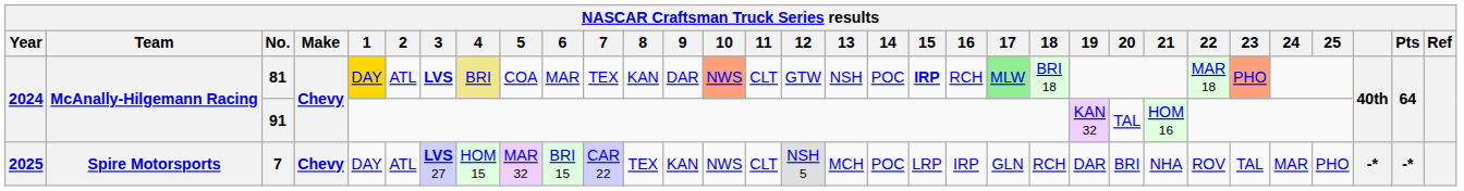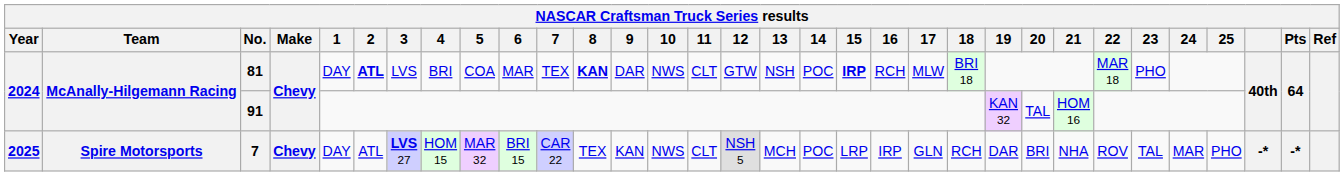 <table class="wikitable" style="text-align:center; font-size:75%">
 <tr>
 <th colspan=32><a href='#'>NASCAR Craftsman Truck Series</a> results</th>
 </tr>
 <tr>
 <th>Year</th>
 <th>Team</th>
 <th>No.</th>
 <th>Make</th>
 <th>1</th>
 <th>2</th>
 <th>3</th>
 <th>4</th>
 <th>5</th>
 <th>6</th>
 <th>7</th>
 <th>8</th>
 <th>9</th>
 <th>10</th>
 <th>11</th>
 <th>12</th>
 <th>13</th>
 <th>14</th>
 <th>15</th>
 <th>16</th>
 <th>17</th>
 <th>18</th>
 <th>19</th>
 <th>20</th>
 <th>21</th>
 <th>22</th>
 <th>23</th>
 <th>24</th>
 <th>25</th>
 <th></th>
 <th>Pts</th>
 <th>Ref</th>
 </tr>
 <tr>
 <th rowspan=2><a href='#'>2024</a></th>
 <th rowspan=2><a href='#'>McAnally-Hilgemann Racing</a></th>
 <th>81</th>
 <th rowspan=2><a href='#'>Chevy</a></th>
-<td style="background: gold;"><a href='#'>DAY</a></td>
-<td><a href='#'>ATL</a></td>
-<td><strong><a href='#'>LVS</a></strong></td>
-<td style="background: khaki;"><a href='#'>BRI</a></td>
+<td><a href='#'>DAY</a></td>
+<td><strong><a href='#'>ATL</a></strong></td>
+<td><a href='#'>LVS</a></td>
+<td><a href='#'>BRI</a></td>
 <td><a href='#'>COA</a></td>
 <td><a href='#'>MAR</a></td>
 <td><a href='#'>TEX</a></td>
-<td><a href='#'>KAN</a></td>
+<td><strong><a href='#'>KAN</a></strong></td>
 <td><a href='#'>DAR</a></td>
-<td style="background: lightsalmon;"><a href='#'>NWS</a></td>
+<td><a href='#'>NWS</a></td>
 <td><a href='#'>CLT</a></td>
 <td><a href='#'>GTW</a></td>
 <td><a href='#'>NSH</a></td>
 <td><a href='#'>POC</a></td>
 <td><strong><a href='#'>IRP</a></strong></td>
 <td><a href='#'>RCH</a></td>
-<td style="background: lightgreen;"><a href='#'>MLW</a></td>
+<td><a href='#'>MLW</a></td>
 <td style="background:#DFFFDF;"><a href='#'>BRI</a><br><small>18</small></td>
 <td colspan=3></td>
 <td style="background:#DFFFDF;"><a href='#'>MAR</a><br><small>18</small></td>
-<td style="background: lightsalmon;"><a href='#'>PHO</a></td>
+<td><a href='#'>PHO</a></td>
 <td colspan=2></td>
 <th rowspan=2>40th</th>
 <th rowspan=2>64</th>
 <th rowspan=2></th>
 </tr>
 <tr>
 <th>91</th>
 <td colspan=18></td>
 <td style="background:#EFCFFF;"><a href='#'>KAN</a><br><small>32</small></td>
 <td><a href='#'>TAL</a></td>
 <td style="background:#DFFFDF;"><a href='#'>HOM</a><br><small>16</small></td>
 <td colspan=4></td>
 </tr>
 <tr>
 <th><a href='#'>2025</a></th>
 <th><a href='#'>Spire Motorsports</a></th>
 <th>7</th>
 <th><a href='#'>Chevy</a></th>
 <td><a href='#'>DAY</a></td>
 <td><a href='#'>ATL</a></td>
 <td style="background:#CFCFFF;"><strong><a href='#'>LVS</a></strong><br><small>27</small></td>
 <td style="background:#DFFFDF;"><a href='#'>HOM</a><br><small>15</small></td>
 <td style="background:#EFCFFF;"><a href='#'>MAR</a><br><small>32</small></td>
 <td style="background:#DFFFDF;"><a href='#'>BRI</a><br><small>15</small></td>
 <td style="background:#CFCFFF;"><a href='#'>CAR</a><br><small>22</small></td>
 <td><a href='#'>TEX</a></td>
 <td><a href='#'>KAN</a></td>
 <td><a href='#'>NWS</a></td>
 <td><a href='#'>CLT</a></td>
 <td style="background:#DFDFDF;"><a href='#'>NSH</a><br><small>5</small></td>
 <td><a href='#'>MCH</a></td>
 <td><a href='#'>POC</a></td>
 <td><a href='#'>LRP</a></td>
 <td><a href='#'>IRP</a></td>
 <td><a href='#'>GLN</a></td>
 <td><a href='#'>RCH</a></td>
 <td><a href='#'>DAR</a></td>
 <td><a href='#'>BRI</a></td>
 <td><a href='#'>NHA</a></td>
 <td><a href='#'>ROV</a></td>
 <td><a href='#'>TAL</a></td>
 <td><a href='#'>MAR</a></td>
 <td><a href='#'>PHO</a></td>
 <th>-*</th>
 <th>-*</th>
 <th></th>
 </tr>
 </table>
